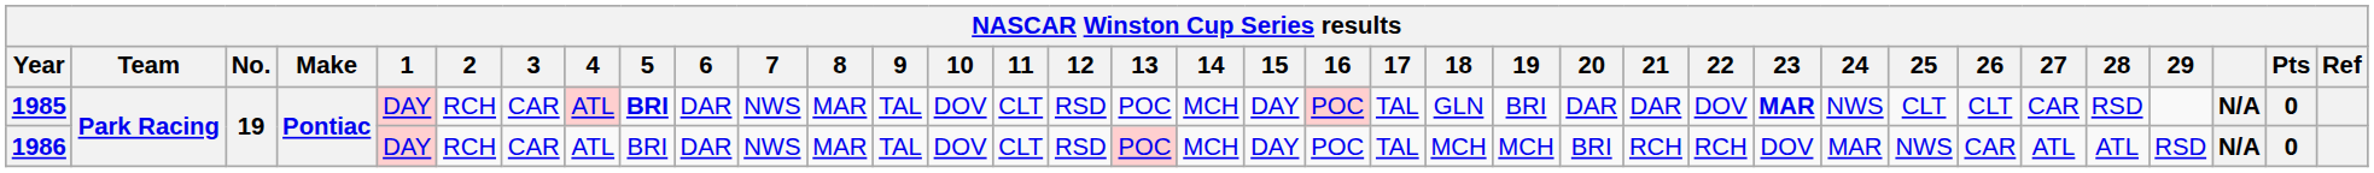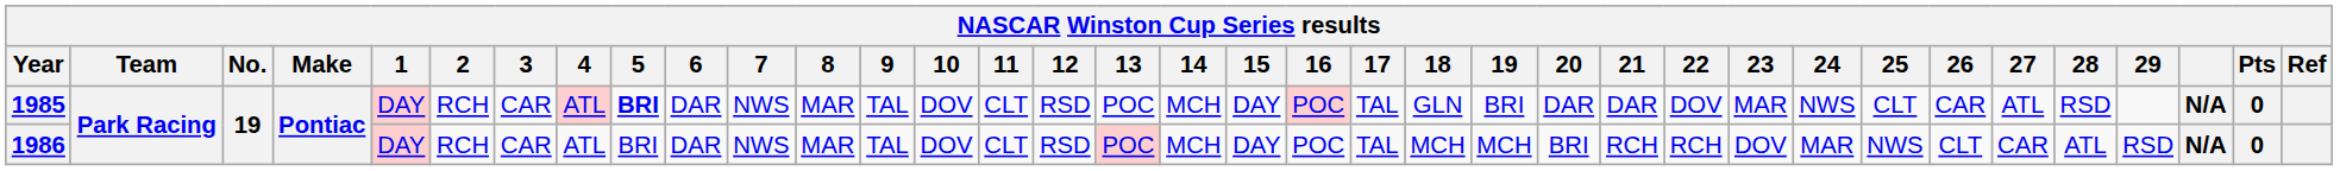 <table class="wikitable" style="text-align:center; font-size:75%">
 <tr>
 <th colspan=45><a href='#'>NASCAR</a> <a href='#'>Winston Cup Series</a> results</th>
 </tr>
 <tr>
 <th>Year</th>
 <th>Team</th>
 <th>No.</th>
 <th>Make</th>
 <th>1</th>
 <th>2</th>
 <th>3</th>
 <th>4</th>
 <th>5</th>
 <th>6</th>
 <th>7</th>
 <th>8</th>
 <th>9</th>
 <th>10</th>
 <th>11</th>
 <th>12</th>
 <th>13</th>
 <th>14</th>
 <th>15</th>
 <th>16</th>
 <th>17</th>
 <th>18</th>
 <th>19</th>
 <th>20</th>
 <th>21</th>
 <th>22</th>
 <th>23</th>
 <th>24</th>
 <th>25</th>
 <th>26</th>
 <th>27</th>
 <th>28</th>
 <th>29</th>
 <th></th>
 <th>Pts</th>
 <th>Ref</th>
 </tr>
 <tr>
 <th><a href='#'>1985</a></th>
 <th rowspan=2><a href='#'>Park Racing</a></th>
 <th rowspan=2>19</th>
 <th rowspan=2><a href='#'>Pontiac</a></th>
 <td style="background:#FFCFCF;"><a href='#'>DAY</a><br></td>
 <td><a href='#'>RCH</a></td>
 <td><a href='#'>CAR</a></td>
 <td style="background:#FFCFCF;"><a href='#'>ATL</a><br></td>
 <td><strong><a href='#'>BRI</a></strong></td>
 <td><a href='#'>DAR</a></td>
 <td><a href='#'>NWS</a></td>
 <td><a href='#'>MAR</a></td>
 <td><a href='#'>TAL</a></td>
 <td><a href='#'>DOV</a></td>
 <td><a href='#'>CLT</a></td>
 <td><a href='#'>RSD</a></td>
 <td><a href='#'>POC</a></td>
 <td><a href='#'>MCH</a></td>
 <td><a href='#'>DAY</a></td>
 <td style="background:#FFCFCF;"><a href='#'>POC</a><br></td>
 <td><a href='#'>TAL</a></td>
 <td><a href='#'>GLN</a></td>
 <td><a href='#'>BRI</a></td>
 <td><a href='#'>DAR</a></td>
 <td><a href='#'>DAR</a></td>
 <td><a href='#'>DOV</a></td>
-<td><strong><a href='#'>MAR</a></strong></td>
+<td><a href='#'>MAR</a></td>
 <td><a href='#'>NWS</a></td>
 <td><a href='#'>CLT</a></td>
-<td><a href='#'>CLT</a></td>
 <td><a href='#'>CAR</a></td>
+<td><a href='#'>ATL</a></td>
 <td><a href='#'>RSD</a></td>
 <td></td>
 <th>N/A</th>
 <th>0</th>
 <th></th>
 </tr>
 <tr>
 <th><a href='#'>1986</a></th>
 <td style="background:#FFCFCF;"><a href='#'>DAY</a><br></td>
 <td><a href='#'>RCH</a></td>
 <td><a href='#'>CAR</a></td>
 <td><a href='#'>ATL</a></td>
 <td><a href='#'>BRI</a></td>
 <td><a href='#'>DAR</a></td>
 <td><a href='#'>NWS</a></td>
 <td><a href='#'>MAR</a></td>
 <td><a href='#'>TAL</a></td>
 <td><a href='#'>DOV</a></td>
 <td><a href='#'>CLT</a></td>
 <td><a href='#'>RSD</a></td>
 <td style="background:#FFCFCF;"><a href='#'>POC</a><br></td>
 <td><a href='#'>MCH</a></td>
 <td><a href='#'>DAY</a></td>
 <td><a href='#'>POC</a></td>
 <td><a href='#'>TAL</a></td>
 <td><a href='#'>MCH</a></td>
 <td><a href='#'>MCH</a></td>
 <td><a href='#'>BRI</a></td>
 <td><a href='#'>RCH</a></td>
 <td><a href='#'>RCH</a></td>
 <td><a href='#'>DOV</a></td>
 <td><a href='#'>MAR</a></td>
 <td><a href='#'>NWS</a></td>
+<td><a href='#'>CLT</a></td>
 <td><a href='#'>CAR</a></td>
-<td><a href='#'>ATL</a></td>
 <td><a href='#'>ATL</a></td>
 <td><a href='#'>RSD</a></td>
 <th>N/A</th>
 <th>0</th>
 <th></th>
 </tr>
 </table>
